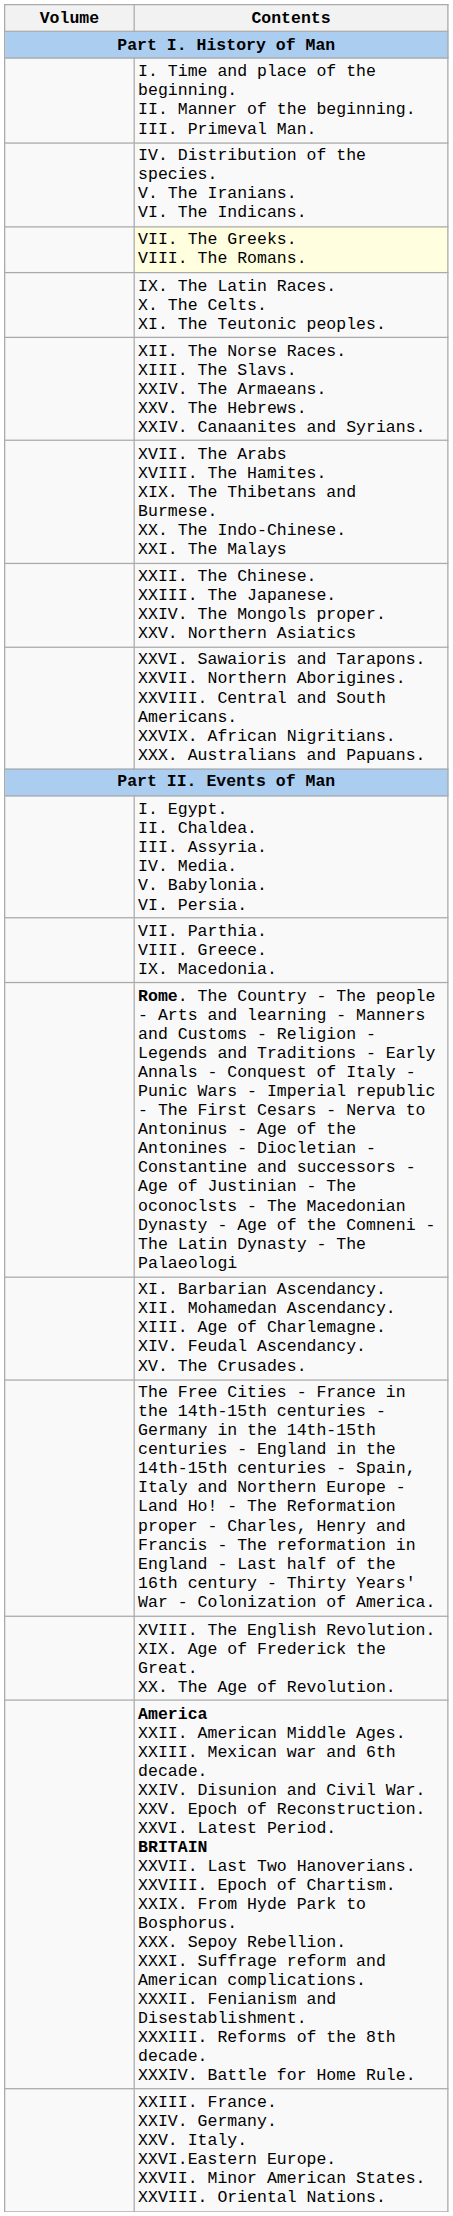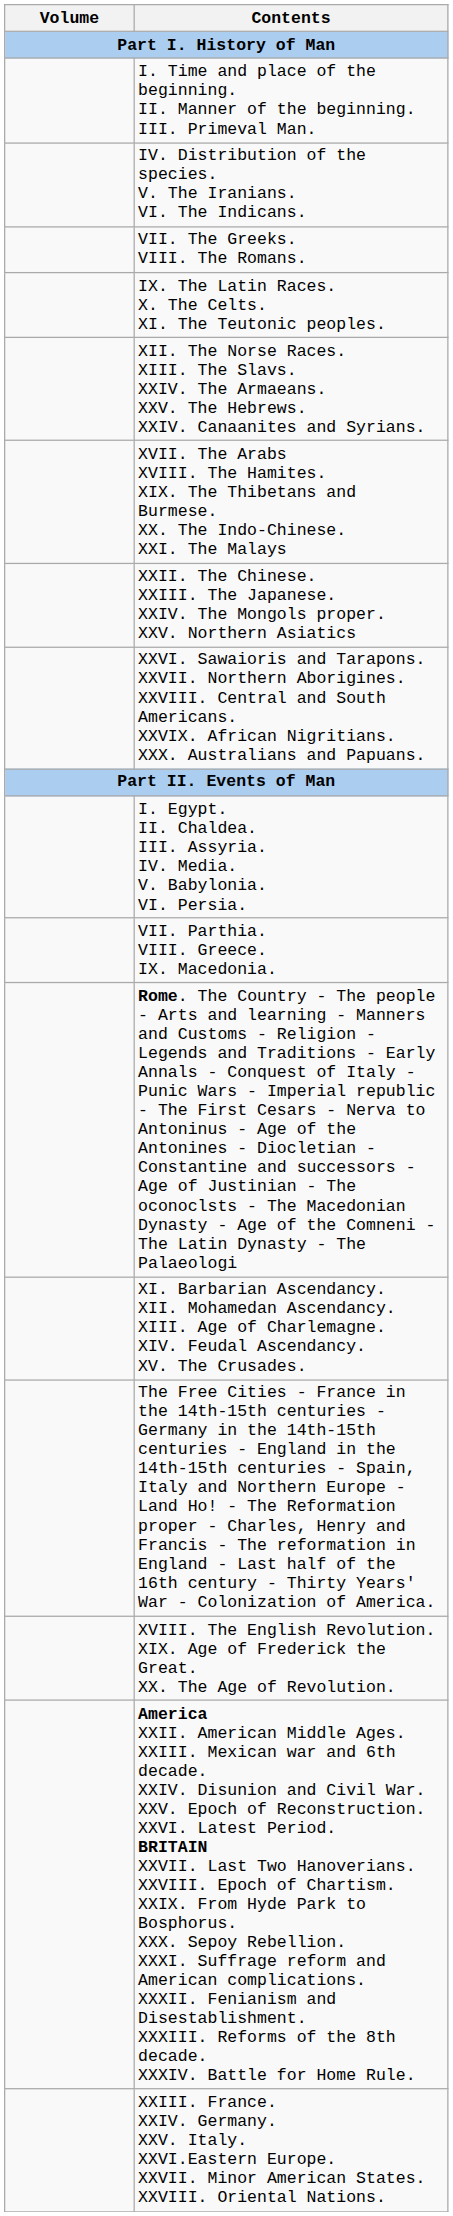 <table align="center" class="wikitable" width="350">
 <tr>
 <th width="100">Volume</th>
 <th width="250">Contents</th>
 </tr>
 <tr>
 <th colspan="3" style="background:#ABCDEF;text-align:center;">Part I. History of Man</th>
 </tr>
 <tr>
 <td></td>
 <td>I. Time and place of the beginning.<br>II. Manner of the beginning.<br>III. Primeval Man.</td>
 </tr>
 <tr>
 <td></td>
 <td>IV. Distribution of the species.<br>V. The Iranians. <br>VI. The Indicans.</td>
 </tr>
 <tr>
 <td></td>
-<td style="background: lightyellow;">VII. The Greeks. <br>VIII. The Romans.</td>
+<td>VII. The Greeks. <br>VIII. The Romans.</td>
 </tr>
 <tr>
 <td></td>
 <td>IX. The Latin Races. <br>X. The Celts.<br>XI. The Teutonic peoples.</td>
 </tr>
 <tr>
 <td></td>
 <td>XII. The Norse Races. <br>XIII. The Slavs.<br>XXIV. The Armaeans.<br>XXV. The Hebrews.<br>XXIV. Canaanites and Syrians.</td>
 </tr>
 <tr>
 <td></td>
 <td>XVII. The Arabs<br>XVIII. The Hamites.<br>XIX. The Thibetans and Burmese.<br>XX. The Indo-Chinese. <br>XXI. The Malays</td>
 </tr>
 <tr>
 <td></td>
 <td>XXII. The Chinese.<br>XXIII. The Japanese.<br>XXIV. The Mongols proper.<br>XXV. Northern Asiatics</td>
 </tr>
 <tr>
 <td></td>
 <td>XXVI. Sawaioris and Tarapons.<br>XXVII. Northern Aborigines.<br>XXVIII. Central and South Americans.<br>XXVIX. African Nigritians.<br>XXX. Australians and Papuans.</td>
 </tr>
 <tr>
 <th colspan="3" style="background:#ABCDEF;text-align:center;">Part II. Events of Man</th>
 </tr>
 <tr>
 <td></td>
 <td>I. Egypt.<br>II. Chaldea.<br>III. Assyria.<br>IV. Media.<br>V. Babylonia.<br>VI. Persia.<br></td>
 </tr>
 <tr>
 <td></td>
 <td>VII. Parthia.<br>VIII. Greece.<br>IX. Macedonia.</td>
 </tr>
 <tr>
 <td></td>
 <td><strong>Rome</strong>. The Country - The people - Arts and learning - Manners and Customs - Religion - Legends and Traditions - Early Annals - Conquest of Italy - Punic Wars - Imperial republic - The First Cesars - Nerva to Antoninus - Age of the Antonines - Diocletian - Constantine and successors - Age of Justinian - The oconoclsts - The Macedonian Dynasty - Age of the Comneni - The Latin Dynasty - The Palaeologi</td>
 </tr>
 <tr>
 <td></td>
 <td>XI. Barbarian Ascendancy.<br>XII. Mohamedan Ascendancy.<br>XIII. Age of Charlemagne.<br>XIV. Feudal Ascendancy.<br>XV. The Crusades.<br></td>
 </tr>
 <tr>
 <td></td>
 <td>The Free Cities - France in the 14th-15th centuries - Germany in the 14th-15th centuries - England in the 14th-15th centuries - Spain, Italy and Northern Europe - Land Ho! - The Reformation proper - Charles, Henry and Francis - The reformation in England - Last half of the 16th century - Thirty Years' War - Colonization of America.</td>
 </tr>
 <tr>
 <td></td>
 <td>XVIII. The English Revolution.<br>XIX. Age of Frederick the Great.<br>XX. The Age of Revolution.</td>
 </tr>
 <tr>
 <td></td>
 <td><strong>America</strong><br>XXII. American Middle Ages.<br>XXIII. Mexican war and 6th decade.<br>XXIV. Disunion and Civil War.<br>XXV. Epoch of Reconstruction.<br>XXVI. Latest Period.<br><strong>BRITAIN</strong><br>XXVII. Last Two Hanoverians.<br>XXVIII. Epoch of Chartism.<br>XXIX. From Hyde Park to Bosphorus.<br>XXX. Sepoy Rebellion.<br>XXXI. Suffrage reform and American complications.<br>XXXII. Fenianism and Disestablishment.<br>XXXIII. Reforms of the 8th decade.<br>XXXIV. Battle for Home Rule.</td>
 </tr>
 <tr>
 <td></td>
 <td>XXIII. France.<br>XXIV. Germany.<br>XXV. Italy.<br>XXVI.Eastern Europe.<br>XXVII. Minor American States.<br>XXVIII. Oriental Nations.</td>
 </tr>
 </table>
